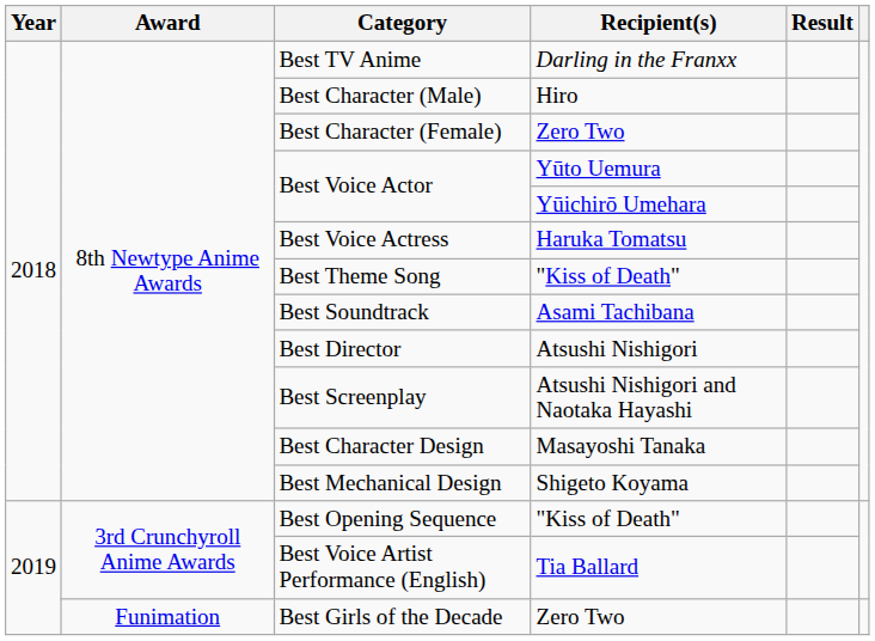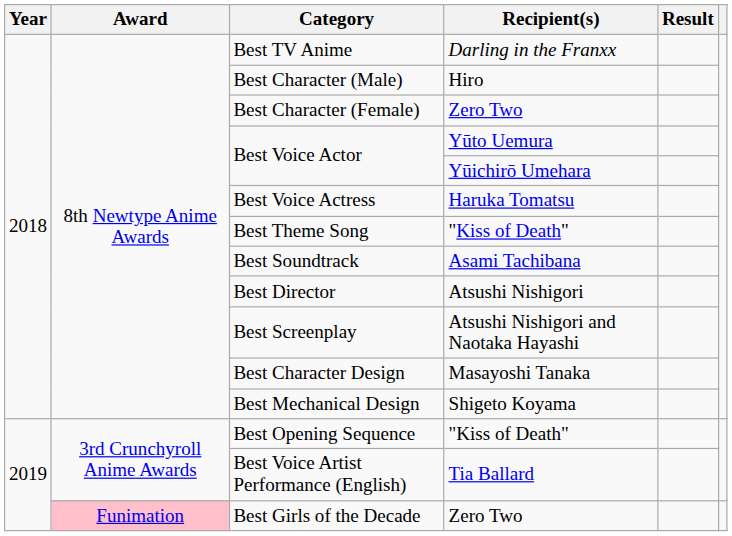 <table class="wikitable">
 <tr>
 <th scope="col">Year</th>
 <th scope="col">Award</th>
 <th scope="col">Category</th>
 <th scope="col">Recipient(s)</th>
 <th scope="col">Result</th>
 <th scope="col" class="unsortable"></th>
 </tr>
 <tr>
 <td rowspan="12" align="center">2018</td>
 <td rowspan="12" align="center">8th <a href='#'>Newtype Anime Awards</a></td>
 <td>Best TV Anime</td>
 <td><em>Darling in the Franxx</em></td>
 <td></td>
 <td rowspan="12" align="center"></td>
 </tr>
 <tr>
 <td>Best Character (Male)</td>
 <td>Hiro</td>
 <td></td>
 </tr>
 <tr>
 <td>Best Character (Female)</td>
 <td><a href='#'>Zero Two</a></td>
 <td></td>
 </tr>
 <tr>
 <td rowspan="2">Best Voice Actor</td>
 <td><a href='#'>Yūto Uemura</a> </td>
 <td></td>
 </tr>
 <tr>
 <td><a href='#'>Yūichirō Umehara</a> </td>
 <td></td>
 </tr>
 <tr>
 <td>Best Voice Actress</td>
 <td><a href='#'>Haruka Tomatsu</a> </td>
 <td></td>
 </tr>
 <tr>
 <td>Best Theme Song</td>
 <td>"<a href='#'>Kiss of Death</a>" </td>
 <td></td>
 </tr>
 <tr>
 <td>Best Soundtrack</td>
 <td><a href='#'>Asami Tachibana</a></td>
 <td></td>
 </tr>
 <tr>
 <td>Best Director</td>
 <td>Atsushi Nishigori</td>
 <td></td>
 </tr>
 <tr>
 <td>Best Screenplay</td>
 <td>Atsushi Nishigori and Naotaka Hayashi</td>
 <td></td>
 </tr>
 <tr>
 <td>Best Character Design</td>
 <td>Masayoshi Tanaka</td>
 <td></td>
 </tr>
 <tr>
 <td>Best Mechanical Design</td>
 <td>Shigeto Koyama</td>
 <td></td>
 </tr>
 <tr>
 <td rowspan="3" align="center">2019</td>
 <td rowspan="2" align="center"><a href='#'>3rd Crunchyroll Anime Awards</a></td>
 <td>Best Opening Sequence</td>
 <td>"Kiss of Death" </td>
 <td></td>
 <td rowspan="2" align="center"></td>
 </tr>
 <tr>
 <td>Best Voice Artist Performance (English)</td>
 <td><a href='#'>Tia Ballard</a> </td>
 <td></td>
 </tr>
 <tr>
-<td align="center"><a href='#'>Funimation</a></td>
+<td align="center" style="background: pink;"><a href='#'>Funimation</a></td>
 <td>Best Girls of the Decade</td>
 <td>Zero Two</td>
 <td></td>
 <td align="center"></td>
 </tr>
 </table>
